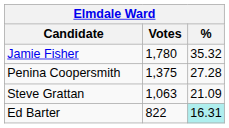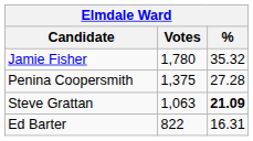 <table class="wikitable">
 <tr>
 <th colspan="3"><a href='#'>Elmdale Ward</a></th>
 </tr>
 <tr>
 <th style="width: 170px">Candidate</th>
 <th style="width: 50px">Votes</th>
 <th style="width: 40px">%</th>
 </tr>
 <tr>
 <td><a href='#'>Jamie Fisher</a></td>
 <td>1,780</td>
 <td>35.32</td>
 </tr>
 <tr>
 <td>Penina Coopersmith</td>
 <td>1,375</td>
 <td>27.28</td>
 </tr>
 <tr>
 <td>Steve Grattan</td>
 <td>1,063</td>
-<td>21.09</td>
+<td><strong>21.09</strong></td>
 </tr>
 <tr>
 <td>Ed Barter</td>
 <td>822</td>
-<td style="background: paleturquoise;">16.31</td>
+<td>16.31</td>
 </tr>
 </table>
